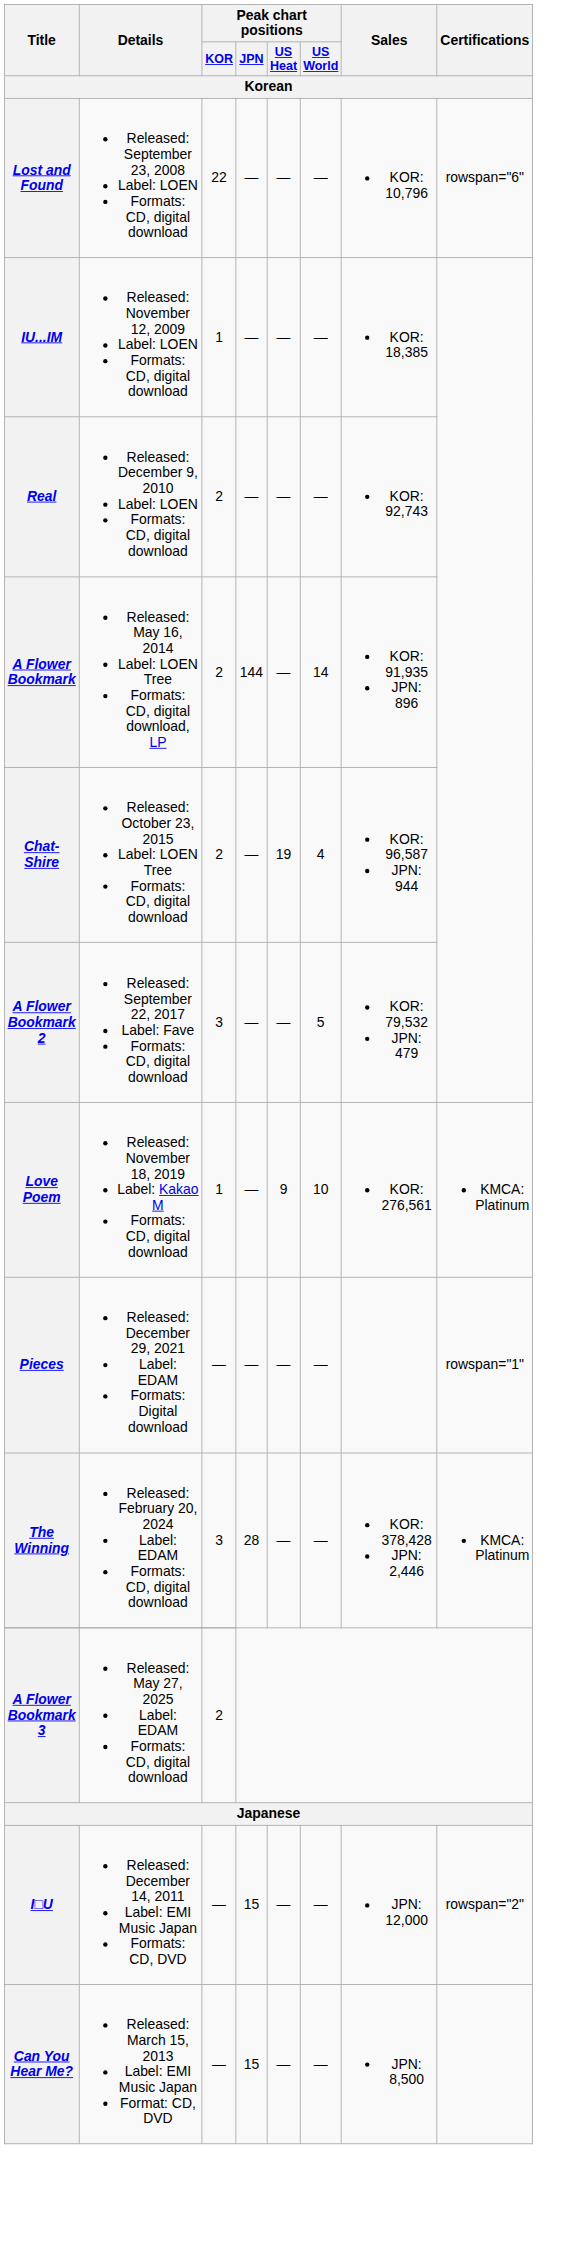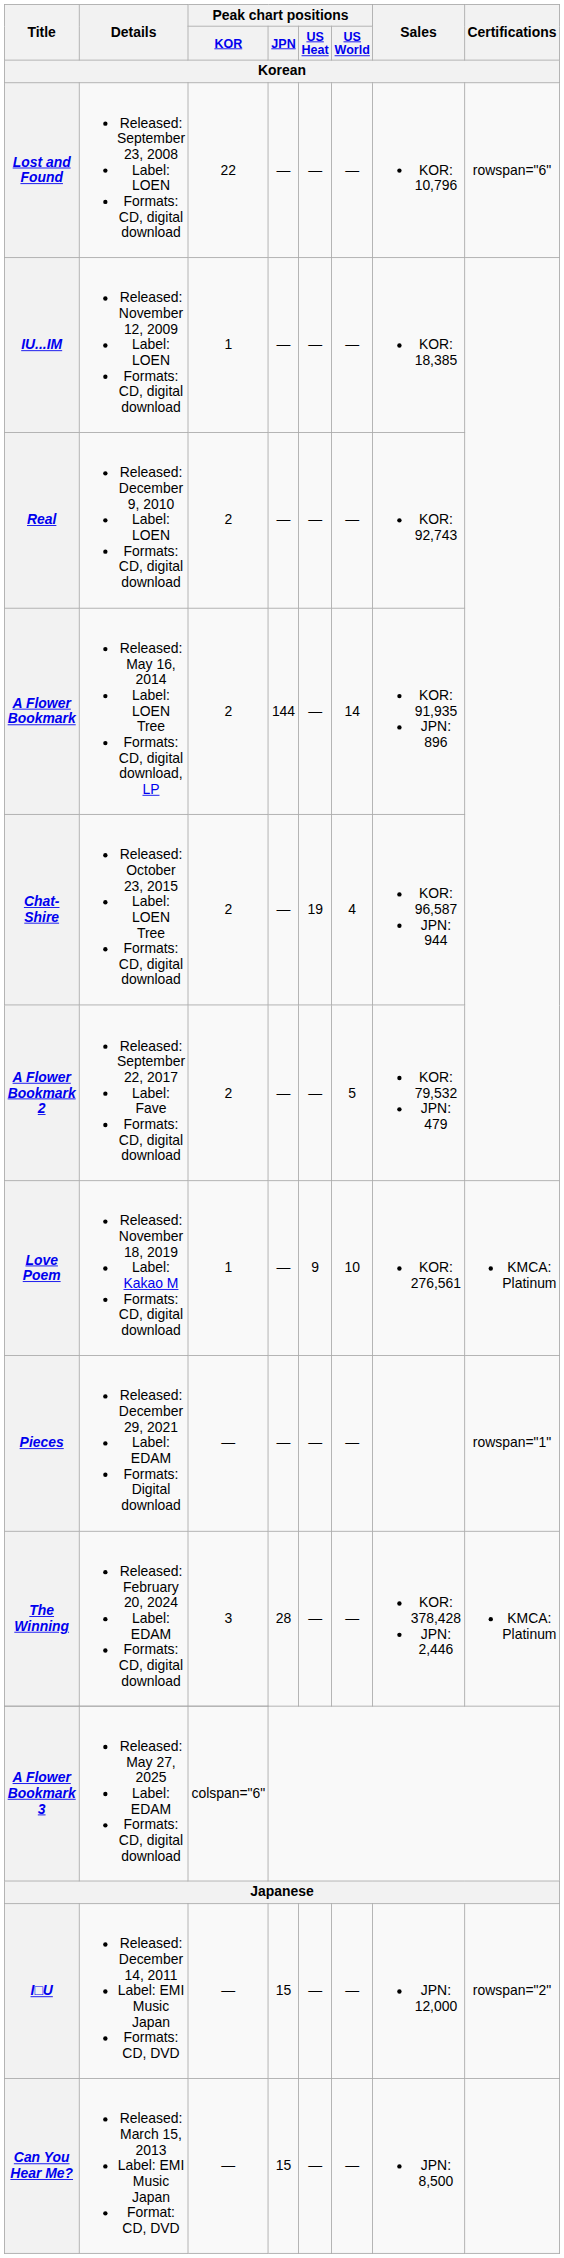 <table class="wikitable plainrowheaders" style="text-align:center;">
 <tr>
 <th rowspan="2">Title</th>
 <th rowspan="2" style="width:20em;">Details</th>
 <th colspan="4">Peak chart positions</th>
 <th rowspan="2" style="width:10em;">Sales</th>
 <th rowspan="2">Certifications</th>
 </tr>
 <tr>
 <th scope="col" style="width:2.5em;font-size:90%;"><a href='#'>KOR</a><br></th>
 <th scope="col" style="width:2.5em;font-size:90%;"><a href='#'>JPN</a><br></th>
 <th scope="col" style="width:2.5em;font-size:90%;"><a href='#'>US<br>Heat</a><br></th>
 <th scope="col" style="width:2.5em;font-size:90%;"><a href='#'>US<br>World</a><br></th>
 </tr>
 <tr>
 <th colspan="8">Korean</th>
 </tr>
 <tr>
 <th scope="row"><em><a href='#'>Lost and Found</a></em></th>
 <td><br><ul><li>Released: September 23, 2008</li><li>Label: LOEN</li><li>Formats: CD, digital download</li></ul></td>
 <td>22</td>
 <td>—</td>
 <td>—</td>
 <td>—</td>
 <td><br><ul><li>KOR: 10,796</li></ul></td>
 <td>rowspan="6" </td>
 </tr>
 <tr>
 <th scope="row"><em><a href='#'>IU...IM</a></em></th>
 <td><br><ul><li>Released: November 12, 2009</li><li>Label: LOEN</li><li>Formats: CD, digital download</li></ul></td>
 <td>1</td>
 <td>—</td>
 <td>—</td>
 <td>—</td>
 <td><br><ul><li>KOR: 18,385</li></ul></td>
 </tr>
 <tr>
 <th scope="row"><em><a href='#'>Real</a></em></th>
 <td><br><ul><li>Released: December 9, 2010</li><li>Label: LOEN</li><li>Formats: CD, digital download</li></ul></td>
 <td>2</td>
 <td>—</td>
 <td>—</td>
 <td>—</td>
 <td><br><ul><li>KOR: 92,743</li></ul></td>
 </tr>
 <tr>
 <th scope="row"><em><a href='#'>A Flower Bookmark</a></em></th>
 <td><br><ul><li>Released: May 16, 2014</li><li>Label: LOEN Tree</li><li>Formats: CD, digital download, <a href='#'>LP</a></li></ul></td>
 <td>2</td>
 <td>144</td>
 <td>—</td>
 <td>14</td>
 <td><br><ul><li>KOR: 91,935</li><li>JPN: 896</li></ul></td>
 </tr>
 <tr>
 <th scope="row"><em><a href='#'>Chat-Shire</a></em></th>
 <td><br><ul><li>Released: October 23, 2015</li><li>Label: LOEN Tree</li><li>Formats: CD, digital download</li></ul></td>
 <td>2</td>
 <td>—</td>
 <td>19</td>
 <td>4</td>
 <td><br><ul><li>KOR: 96,587</li><li>JPN: 944</li></ul></td>
 </tr>
 <tr>
 <th scope="row"><em><a href='#'>A Flower Bookmark 2</a></em></th>
 <td><br><ul><li>Released: September 22, 2017</li><li>Label: Fave</li><li>Formats: CD, digital download</li></ul></td>
-<td>3</td>
+<td>2</td>
 <td>—</td>
 <td>—</td>
 <td>5</td>
 <td><br><ul><li>KOR: 79,532</li><li>JPN: 479</li></ul></td>
 </tr>
 <tr>
 <th scope="row"><em><a href='#'>Love Poem</a></em></th>
 <td><br><ul><li>Released: November 18, 2019</li><li>Label: <a href='#'>Kakao M</a></li><li>Formats: CD, digital download</li></ul></td>
 <td>1</td>
 <td>—</td>
 <td>9</td>
 <td>10</td>
 <td><br><ul><li>KOR: 276,561</li></ul></td>
 <td><br><ul><li>KMCA: Platinum</li></ul></td>
 </tr>
 <tr>
 <th scope="row"><em><a href='#'>Pieces</a></em></th>
 <td><br><ul><li>Released: December 29, 2021</li><li>Label: EDAM</li><li>Formats: Digital download</li></ul></td>
 <td>—</td>
 <td>—</td>
 <td>—</td>
 <td>—</td>
 <td></td>
 <td>rowspan="1" </td>
 </tr>
 <tr>
 <th scope="row"><em><a href='#'>The Winning</a></em></th>
 <td><br><ul><li>Released: February 20, 2024</li><li>Label: EDAM</li><li>Formats: CD, digital download</li></ul></td>
 <td>3</td>
 <td>28</td>
 <td>—</td>
 <td>—</td>
 <td><br><ul><li>KOR: 378,428</li><li>JPN: 2,446</li></ul></td>
 <td><br><ul><li>KMCA: Platinum</li></ul></td>
 </tr>
 <tr>
 </tr>
 <tr>
 <th scope="row"><em><a href='#'>A Flower Bookmark 3</a></em></th>
 <td><br><ul><li>Released: May 27, 2025</li><li>Label: EDAM</li><li>Formats: CD, digital download</li></ul></td>
-<td>2</td>
+<td>colspan="6" </td>
 </tr>
 <tr>
 <th colspan="8">Japanese</th>
 </tr>
 <tr>
 <th scope="row"><em><a href='#'>I□U</a></em></th>
 <td><br><ul><li>Released: December 14, 2011</li><li>Label: EMI Music Japan</li><li>Formats: CD, DVD</li></ul></td>
 <td>—</td>
 <td>15</td>
 <td>—</td>
 <td>—</td>
 <td><br><ul><li>JPN: 12,000</li></ul></td>
 <td>rowspan="2" </td>
 </tr>
 <tr>
 <th scope="row"><em><a href='#'>Can You Hear Me?</a></em></th>
 <td><br><ul><li>Released: March 15, 2013</li><li>Label: EMI Music Japan</li><li>Format: CD, DVD</li></ul></td>
 <td>—</td>
 <td>15</td>
 <td>—</td>
 <td>—</td>
 <td><br><ul><li>JPN: 8,500</li></ul></td>
 </tr>
 </table>
